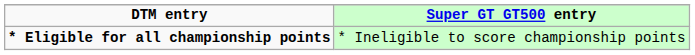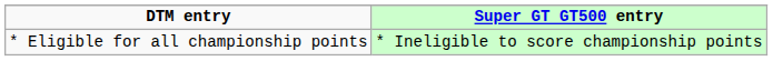 <table class="wikitable" style="font-size: 85%;">
 <tr>
 </tr>
 <tr>
 <td align="center"><strong>DTM entry</strong></td>
 <td align="center" style="background-color: #ccffcc"><strong><a href='#'>Super GT GT500</a> entry</strong></td>
 </tr>
 <tr>
-<td><strong>* Eligible for all championship points</strong></td>
+<td>* Eligible for all championship points</td>
 <td style="background-color: #ccffcc">* Ineligible to score championship points</td>
 </tr>
 </table>
